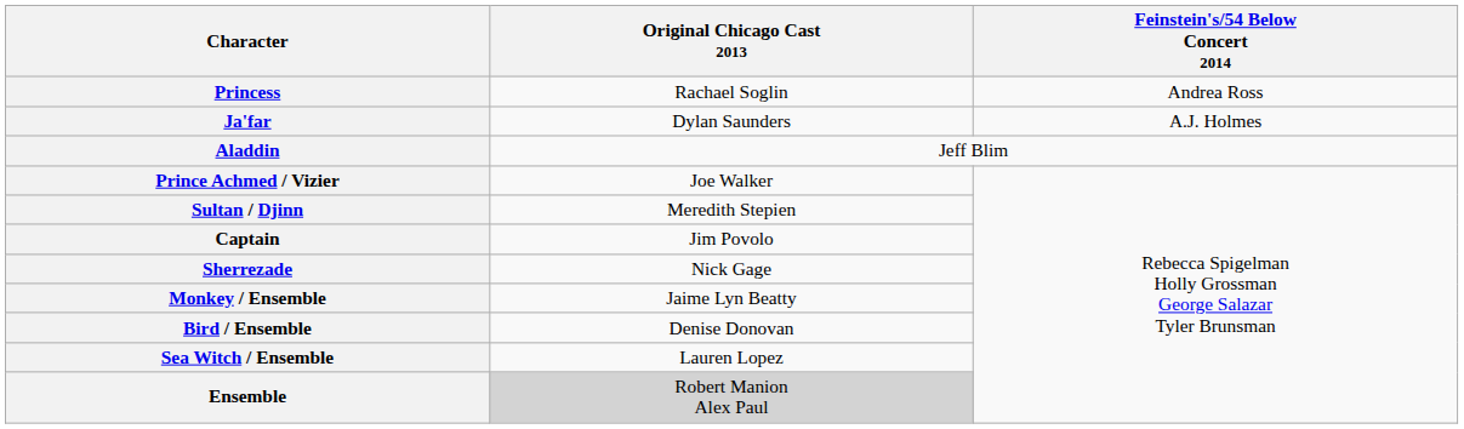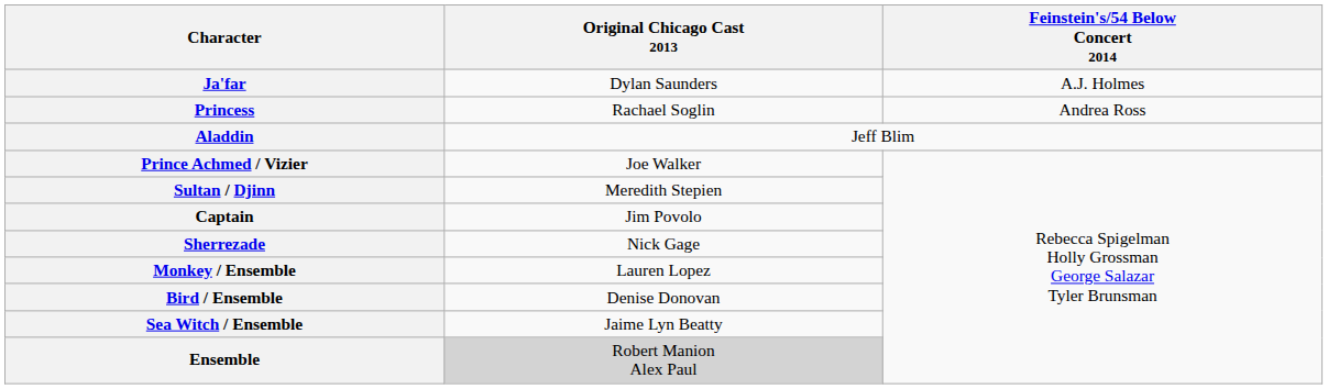 <table class="wikitable">
 <tr>
 <th style="width:10%;">Character</th>
 <th style="width:10%;">Original Chicago Cast <br> <small>2013</small></th>
 <th style="width:10%;"><a href='#'>Feinstein's/54 Below</a> <br>Concert <br> <small>2014</small></th>
 </tr>
 <tr>
+<th><a href='#'>Ja'far</a></th>
+<td style="text-align:center;">Dylan Saunders</td>
+<td style="text-align:center;">A.J. Holmes</td>
+</tr>
+<tr>
 <th><a href='#'>Princess</a></th>
 <td style="text-align:center;">Rachael Soglin</td>
 <td style="text-align:center;">Andrea Ross</td>
-</tr>
-<tr>
-<th><a href='#'>Ja'far</a></th>
-<td style="text-align:center;">Dylan Saunders</td>
-<td style="text-align:center;">A.J. Holmes</td>
 </tr>
 <tr>
 <th><a href='#'>Aladdin</a></th>
 <td colspan='2' align=center>Jeff Blim</td>
 </tr>
 <tr>
 <th><a href='#'>Prince Achmed</a> / Vizier</th>
 <td style="text-align:center;">Joe Walker</td>
 <td rowspan="8" style="text-align:center;">Rebecca Spigelman <br> Holly Grossman <br> <a href='#'>George Salazar</a> <br> Tyler Brunsman</td>
 </tr>
 <tr>
 <th><a href='#'>Sultan</a> / <a href='#'>Djinn</a></th>
 <td style="text-align:center;">Meredith Stepien</td>
 </tr>
 <tr>
 <th>Captain</th>
 <td style="text-align:center;">Jim Povolo</td>
 </tr>
 <tr>
 <th><a href='#'>Sherrezade</a></th>
 <td style="text-align:center;">Nick Gage</td>
 </tr>
 <tr>
 <th><a href='#'>Monkey</a> / Ensemble</th>
-<td style="text-align:center;">Jaime Lyn Beatty</td>
+<td style="text-align:center;">Lauren Lopez</td>
 </tr>
 <tr>
 <th><a href='#'>Bird</a> / Ensemble</th>
 <td style="text-align:center;">Denise Donovan</td>
 </tr>
 <tr>
 <th><a href='#'>Sea Witch</a> / Ensemble</th>
-<td style="text-align:center;">Lauren Lopez</td>
+<td style="text-align:center;">Jaime Lyn Beatty</td>
 </tr>
 <tr>
 <th><strong>Ensemble</strong></th>
 <td style="background: lightgrey; text-align:center;">Robert Manion<br>Alex Paul</td>
 </tr>
 </table>
